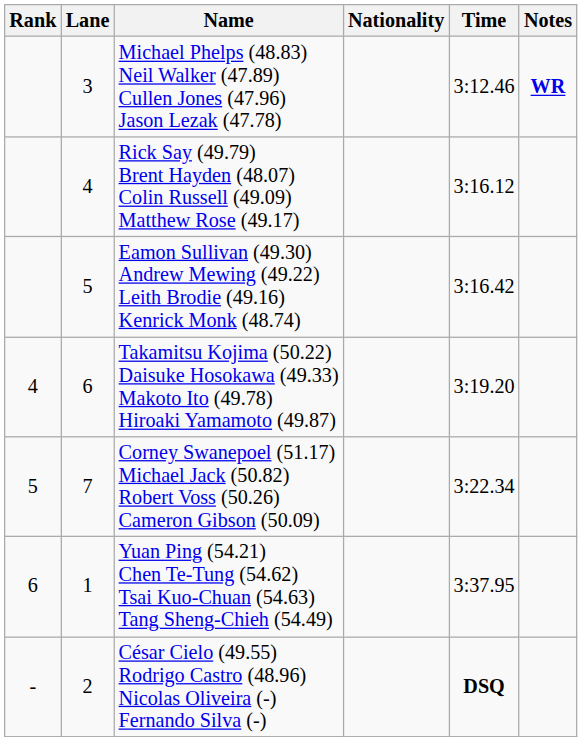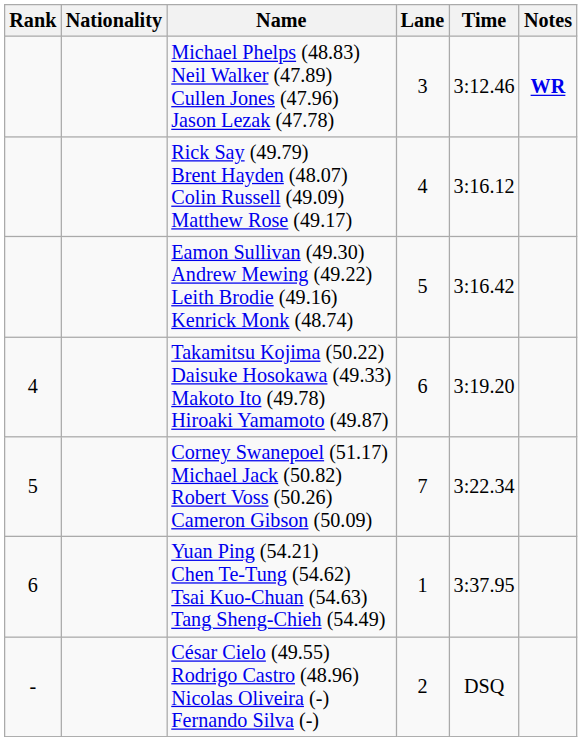 <table class="wikitable sortable" style="text-align:center">
 <tr>
 <th>Rank</th>
+<th>Nationality</th>
+<th>Name</th>
 <th>Lane</th>
-<th>Name</th>
-<th>Nationality</th>
 <th>Time</th>
 <th>Notes</th>
 </tr>
 <tr>
 <td></td>
+<td align=left></td>
+<td align=left><a href='#'>Michael Phelps</a> (48.83) <br> <a href='#'>Neil Walker</a> (47.89) <br> <a href='#'>Cullen Jones</a> (47.96) <br> <a href='#'>Jason Lezak</a> (47.78)</td>
 <td>3</td>
-<td align=left><a href='#'>Michael Phelps</a> (48.83) <br> <a href='#'>Neil Walker</a> (47.89) <br> <a href='#'>Cullen Jones</a> (47.96) <br> <a href='#'>Jason Lezak</a> (47.78)</td>
-<td align=left></td>
 <td>3:12.46</td>
 <td><strong><a href='#'>WR</a></strong></td>
 </tr>
 <tr>
 <td></td>
+<td align=left></td>
+<td align=left><a href='#'>Rick Say</a> (49.79) <br><a href='#'>Brent Hayden</a> (48.07) <br><a href='#'>Colin Russell</a> (49.09) <br><a href='#'>Matthew Rose</a> (49.17)</td>
 <td>4</td>
-<td align=left><a href='#'>Rick Say</a> (49.79) <br><a href='#'>Brent Hayden</a> (48.07) <br><a href='#'>Colin Russell</a> (49.09) <br><a href='#'>Matthew Rose</a> (49.17)</td>
-<td align=left></td>
 <td>3:16.12</td>
 <td></td>
 </tr>
 <tr>
 <td></td>
+<td align=left></td>
+<td align=left><a href='#'>Eamon Sullivan</a> (49.30) <br> <a href='#'>Andrew Mewing</a> (49.22) <br> <a href='#'>Leith Brodie</a> (49.16) <br> <a href='#'>Kenrick Monk</a> (48.74)</td>
 <td>5</td>
-<td align=left><a href='#'>Eamon Sullivan</a> (49.30) <br> <a href='#'>Andrew Mewing</a> (49.22) <br> <a href='#'>Leith Brodie</a> (49.16) <br> <a href='#'>Kenrick Monk</a> (48.74)</td>
-<td align=left></td>
 <td>3:16.42</td>
 <td></td>
 </tr>
 <tr>
 <td>4</td>
+<td align=left></td>
+<td align=left><a href='#'>Takamitsu Kojima</a> (50.22) <br> <a href='#'>Daisuke Hosokawa</a> (49.33) <br> <a href='#'>Makoto Ito</a> (49.78) <br> <a href='#'>Hiroaki Yamamoto</a> (49.87)</td>
 <td>6</td>
-<td align=left><a href='#'>Takamitsu Kojima</a> (50.22) <br> <a href='#'>Daisuke Hosokawa</a> (49.33) <br> <a href='#'>Makoto Ito</a> (49.78) <br> <a href='#'>Hiroaki Yamamoto</a> (49.87)</td>
-<td align=left></td>
 <td>3:19.20</td>
 <td></td>
 </tr>
 <tr>
 <td>5</td>
+<td align=left></td>
+<td align=left><a href='#'>Corney Swanepoel</a> (51.17) <br> <a href='#'>Michael Jack</a> (50.82) <br> <a href='#'>Robert Voss</a> (50.26) <br> <a href='#'>Cameron Gibson</a> (50.09)</td>
 <td>7</td>
-<td align=left><a href='#'>Corney Swanepoel</a> (51.17) <br> <a href='#'>Michael Jack</a> (50.82) <br> <a href='#'>Robert Voss</a> (50.26) <br> <a href='#'>Cameron Gibson</a> (50.09)</td>
-<td align=left></td>
 <td>3:22.34</td>
 <td></td>
 </tr>
 <tr>
 <td>6</td>
+<td align=left></td>
+<td align=left><a href='#'>Yuan Ping</a> (54.21) <br><a href='#'>Chen Te-Tung</a> (54.62) <br><a href='#'>Tsai Kuo-Chuan</a> (54.63) <br><a href='#'>Tang Sheng-Chieh</a> (54.49)</td>
 <td>1</td>
-<td align=left><a href='#'>Yuan Ping</a> (54.21) <br><a href='#'>Chen Te-Tung</a> (54.62) <br><a href='#'>Tsai Kuo-Chuan</a> (54.63) <br><a href='#'>Tang Sheng-Chieh</a> (54.49)</td>
-<td align=left></td>
 <td>3:37.95</td>
 <td></td>
 </tr>
 <tr>
 <td>-</td>
+<td align=left></td>
+<td align=left><a href='#'>César Cielo</a> (49.55) <br><a href='#'>Rodrigo Castro</a> (48.96) <br><a href='#'>Nicolas Oliveira</a> (-) <br><a href='#'>Fernando Silva</a> (-)</td>
 <td>2</td>
-<td align=left><a href='#'>César Cielo</a> (49.55) <br><a href='#'>Rodrigo Castro</a> (48.96) <br><a href='#'>Nicolas Oliveira</a> (-) <br><a href='#'>Fernando Silva</a> (-)</td>
-<td align=left></td>
-<td><strong>DSQ</strong></td>
+<td>DSQ</td>
 <td></td>
 </tr>
 </table>
